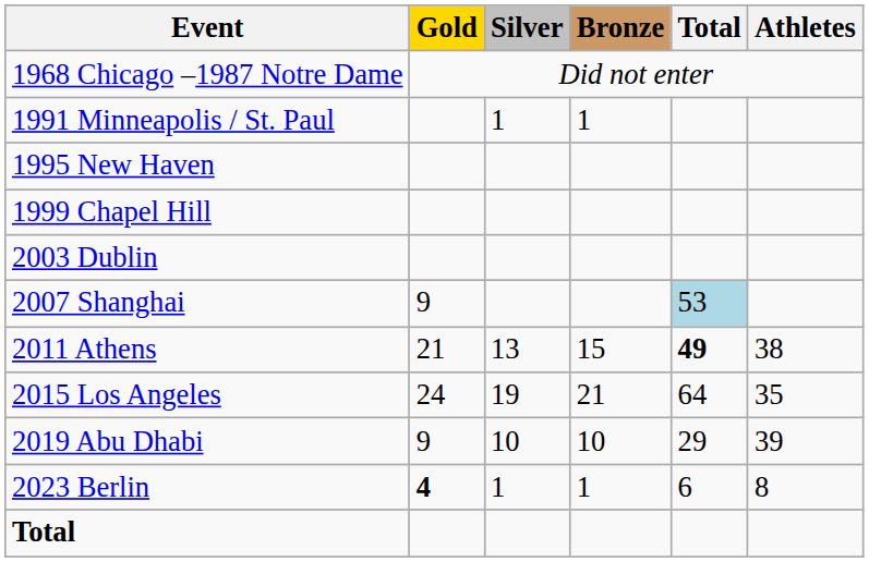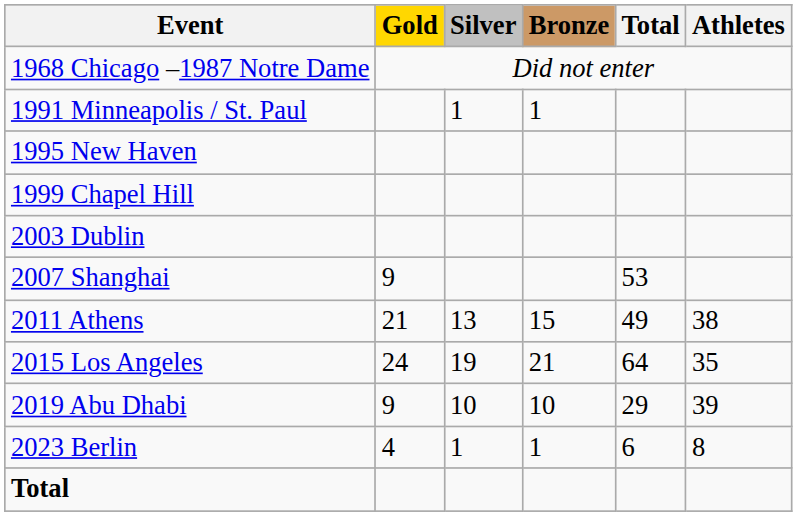 <table class="wikitable">
 <tr>
 <th>Event</th>
 <td style="background:gold; font-weight:bold;">Gold</td>
 <td style="background:silver; font-weight:bold;">Silver</td>
 <td style="background:#cc9966; font-weight:bold;">Bronze</td>
 <th>Total</th>
 <th>Athletes</th>
 </tr>
 <tr>
 <td><a href='#'>1968 Chicago</a> –<a href='#'>1987 Notre Dame</a></td>
 <td colspan=6 align=center><em>Did not enter</em></td>
 </tr>
 <tr>
 <td><a href='#'>1991 Minneapolis / St. Paul</a></td>
 <td></td>
 <td>1</td>
 <td>1</td>
 <td></td>
 <td></td>
 </tr>
 <tr>
 <td><a href='#'>1995 New Haven</a></td>
 <td></td>
 <td></td>
 <td></td>
 <td></td>
 <td></td>
 </tr>
 <tr>
 <td><a href='#'>1999 Chapel Hill</a></td>
 <td></td>
 <td></td>
 <td></td>
 <td></td>
 <td></td>
 </tr>
 <tr>
 <td><a href='#'>2003 Dublin</a></td>
 <td></td>
 <td></td>
 <td></td>
 <td></td>
 <td></td>
 </tr>
 <tr>
 <td><a href='#'>2007 Shanghai</a></td>
 <td>9</td>
 <td></td>
 <td></td>
-<td style="background: lightblue;">53</td>
+<td>53</td>
 <td></td>
 </tr>
 <tr>
 <td><a href='#'>2011 Athens</a></td>
 <td>21</td>
 <td>13</td>
 <td>15</td>
-<td><strong>49</strong></td>
+<td>49</td>
 <td>38</td>
 </tr>
 <tr>
 <td><a href='#'>2015 Los Angeles</a></td>
 <td>24</td>
 <td>19</td>
 <td>21</td>
 <td>64</td>
 <td>35</td>
 </tr>
 <tr>
 <td><a href='#'>2019 Abu Dhabi</a></td>
 <td>9</td>
 <td>10</td>
 <td>10</td>
 <td>29</td>
 <td>39</td>
 </tr>
 <tr>
 <td><a href='#'>2023 Berlin</a></td>
-<td><strong>4</strong></td>
+<td>4</td>
 <td>1</td>
 <td>1</td>
 <td>6</td>
 <td>8</td>
 </tr>
 <tr>
 <td><strong>Total</strong></td>
 <td></td>
 <td></td>
 <td></td>
 <td></td>
 <td></td>
 </tr>
 </table>
